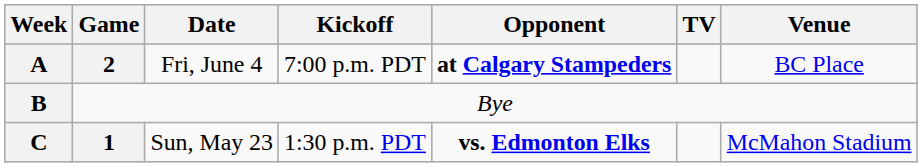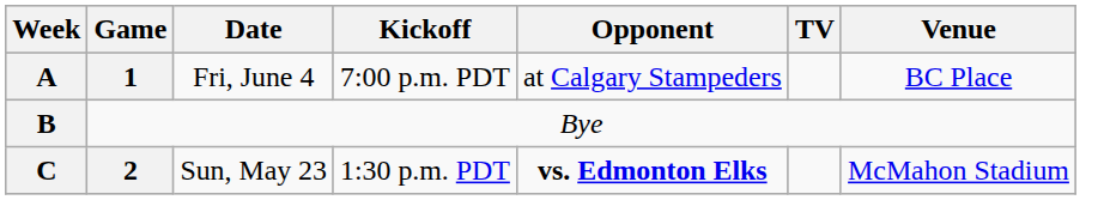 <table class="wikitable" style="font-size: 95%;">
 <tr>
 <th scope="col">Week</th>
 <th scope="col">Game</th>
 <th scope="col">Date</th>
 <th scope="col">Kickoff</th>
 <th scope="col">Opponent</th>
 <th scope="col">TV</th>
 <th scope="col">Venue</th>
 </tr>
 <tr style= bgcolor="ffffff">
 <th align="center">A</th>
-<th align="center">2</th>
+<th align="center">1</th>
 <td align="center">Fri, June 4</td>
 <td align="center">7:00 p.m. PDT</td>
-<td align="center"><strong>at <a href='#'>Calgary Stampeders</a></strong></td>
+<td align="center">at <a href='#'>Calgary Stampeders</a></td>
 <td align="center"></td>
 <td align="center"><a href='#'>BC Place</a></td>
 </tr>
 <tr style= bgcolor="ffffff">
 <th align="center">B</th>
 <td colspan=10 align="center" valign="middle"><em>Bye</em></td>
 </tr>
 <tr style= bgcolor="ffffff">
 <th align="center">C</th>
-<th align="center">1</th>
+<th align="center">2</th>
 <td align="center">Sun, May 23</td>
 <td align="center">1:30 p.m. <a href='#'>PDT</a></td>
 <td align="center"><strong>vs. <a href='#'>Edmonton Elks</a></strong></td>
 <td align="center"></td>
 <td align="center"><a href='#'>McMahon Stadium</a></td>
 </tr>
 </table>
